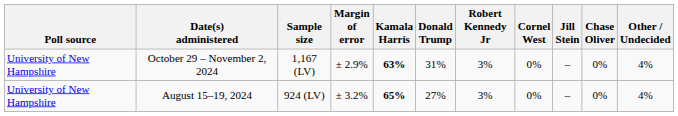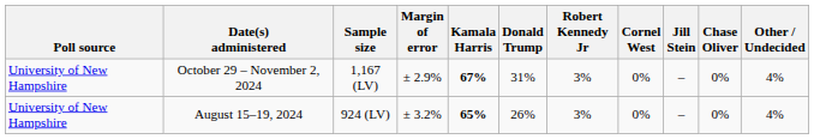 <table class="wikitable sortable mw-datatable" style="font-size:90%;text-align:center;line-height:17px">
 <tr valign=bottom>
 <th>Poll source</th>
 <th>Date(s)<br>administered</th>
 <th>Sample<br>size</th>
 <th>Margin<br>of error</th>
 <th class="unsortable">Kamala<br>Harris<br></th>
 <th class="unsortable">Donald<br>Trump<br></th>
 <th class="unsortable">Robert<br>Kennedy Jr<br></th>
 <th class="unsortable">Cornel<br>West<br></th>
 <th class="unsortable">Jill<br>Stein<br></th>
 <th class="unsortable">Chase<br>Oliver<br></th>
 <th class="unsortable">Other /<br>Undecided</th>
 </tr>
 <tr>
 <td style="text-align:left;"><a href='#'>University of New Hampshire</a></td>
 <td data-sort-value="2024-11-02">October 29 – November 2, 2024</td>
 <td>1,167 (LV)</td>
 <td>± 2.9%</td>
-<td style="color:black;background-color:"><strong>63%</strong></td>
+<td style="color:black;background-color:"><strong>67%</strong></td>
 <td>31%</td>
 <td>3%</td>
 <td>0%</td>
 <td>–</td>
 <td>0%</td>
 <td>4%</td>
 </tr>
 <tr>
 <td style="text-align:left;"><a href='#'>University of New Hampshire</a></td>
 <td data-sort-value="2024-08-19">August 15–19, 2024</td>
 <td>924 (LV)</td>
 <td>± 3.2%</td>
 <td style="color:black;background-color:"><strong>65%</strong></td>
-<td>27%</td>
+<td>26%</td>
 <td>3%</td>
 <td>0%</td>
 <td>–</td>
 <td>0%</td>
 <td>4%</td>
 </tr>
 </table>
